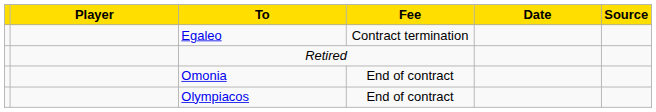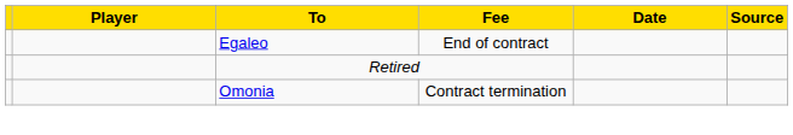 <table class="wikitable sortable">
 <tr>
 <th style="background:#FFDE00"></th>
 <th width=200 style="background:#FFDE00">Player</th>
 <th width=200 style="background:#FFDE00">To</th>
 <th width=150 style="background:#FFDE00">Fee</th>
 <th width=150 style="background:#FFDE00">Date</th>
 <th style="background:#FFDE00">Source</th>
 </tr>
 <tr>
 <td align=center></td>
 <td></td>
 <td> <a href='#'>Egaleo</a></td>
-<td align=center>Contract termination</td>
+<td align=center>End of contract</td>
 <td align=center></td>
 <td align=center></td>
 </tr>
 <tr>
 <td align=center></td>
 <td></td>
 <td align=center colspan=2><em>Retired</em></td>
 <td align=center></td>
 <td align=center></td>
 </tr>
 <tr>
 <td align=center></td>
 <td></td>
 <td> <a href='#'>Omonia</a></td>
-<td align=center>End of contract</td>
-<td align=center></td>
-<td align=center></td>
-</tr>
-<tr>
-<td align=center></td>
-<td></td>
-<td> <a href='#'>Olympiacos</a></td>
-<td align=center>End of contract</td>
+<td align=center>Contract termination</td>
 <td align=center></td>
 <td align=center></td>
 </tr>
 </table>
